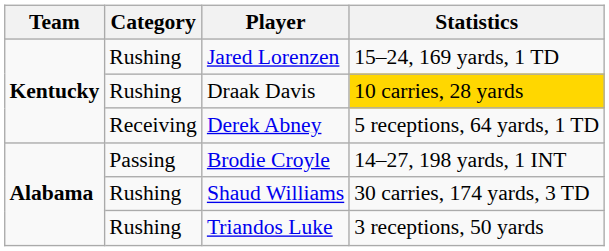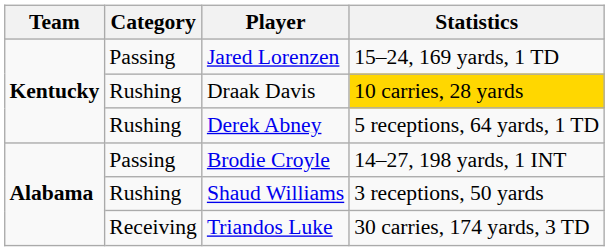 <table class="wikitable" style="float: right;">
 <tr>
 <th>Team</th>
 <th>Category</th>
 <th>Player</th>
 <th>Statistics</th>
 </tr>
 <tr>
 <td rowspan=3><strong>Kentucky</strong></td>
-<td>Rushing</td>
+<td>Passing</td>
 <td><a href='#'>Jared Lorenzen</a></td>
 <td>15–24, 169 yards, 1 TD</td>
 </tr>
 <tr>
 <td>Rushing</td>
 <td>Draak Davis</td>
 <td style="background: gold;">10 carries, 28 yards</td>
 </tr>
 <tr>
-<td>Receiving</td>
+<td>Rushing</td>
 <td><a href='#'>Derek Abney</a></td>
 <td>5 receptions, 64 yards, 1 TD</td>
 </tr>
 <tr>
 <td rowspan=3><strong>Alabama</strong></td>
 <td>Passing</td>
 <td><a href='#'>Brodie Croyle</a></td>
 <td>14–27, 198 yards, 1 INT</td>
 </tr>
 <tr>
 <td>Rushing</td>
 <td><a href='#'>Shaud Williams</a></td>
+<td>3 receptions, 50 yards</td>
+</tr>
+<tr>
+<td>Receiving</td>
+<td><a href='#'>Triandos Luke</a></td>
 <td>30 carries, 174 yards, 3 TD</td>
 </tr>
-<tr>
-<td>Rushing</td>
-<td><a href='#'>Triandos Luke</a></td>
-<td>3 receptions, 50 yards</td>
-</tr>
 </table>
